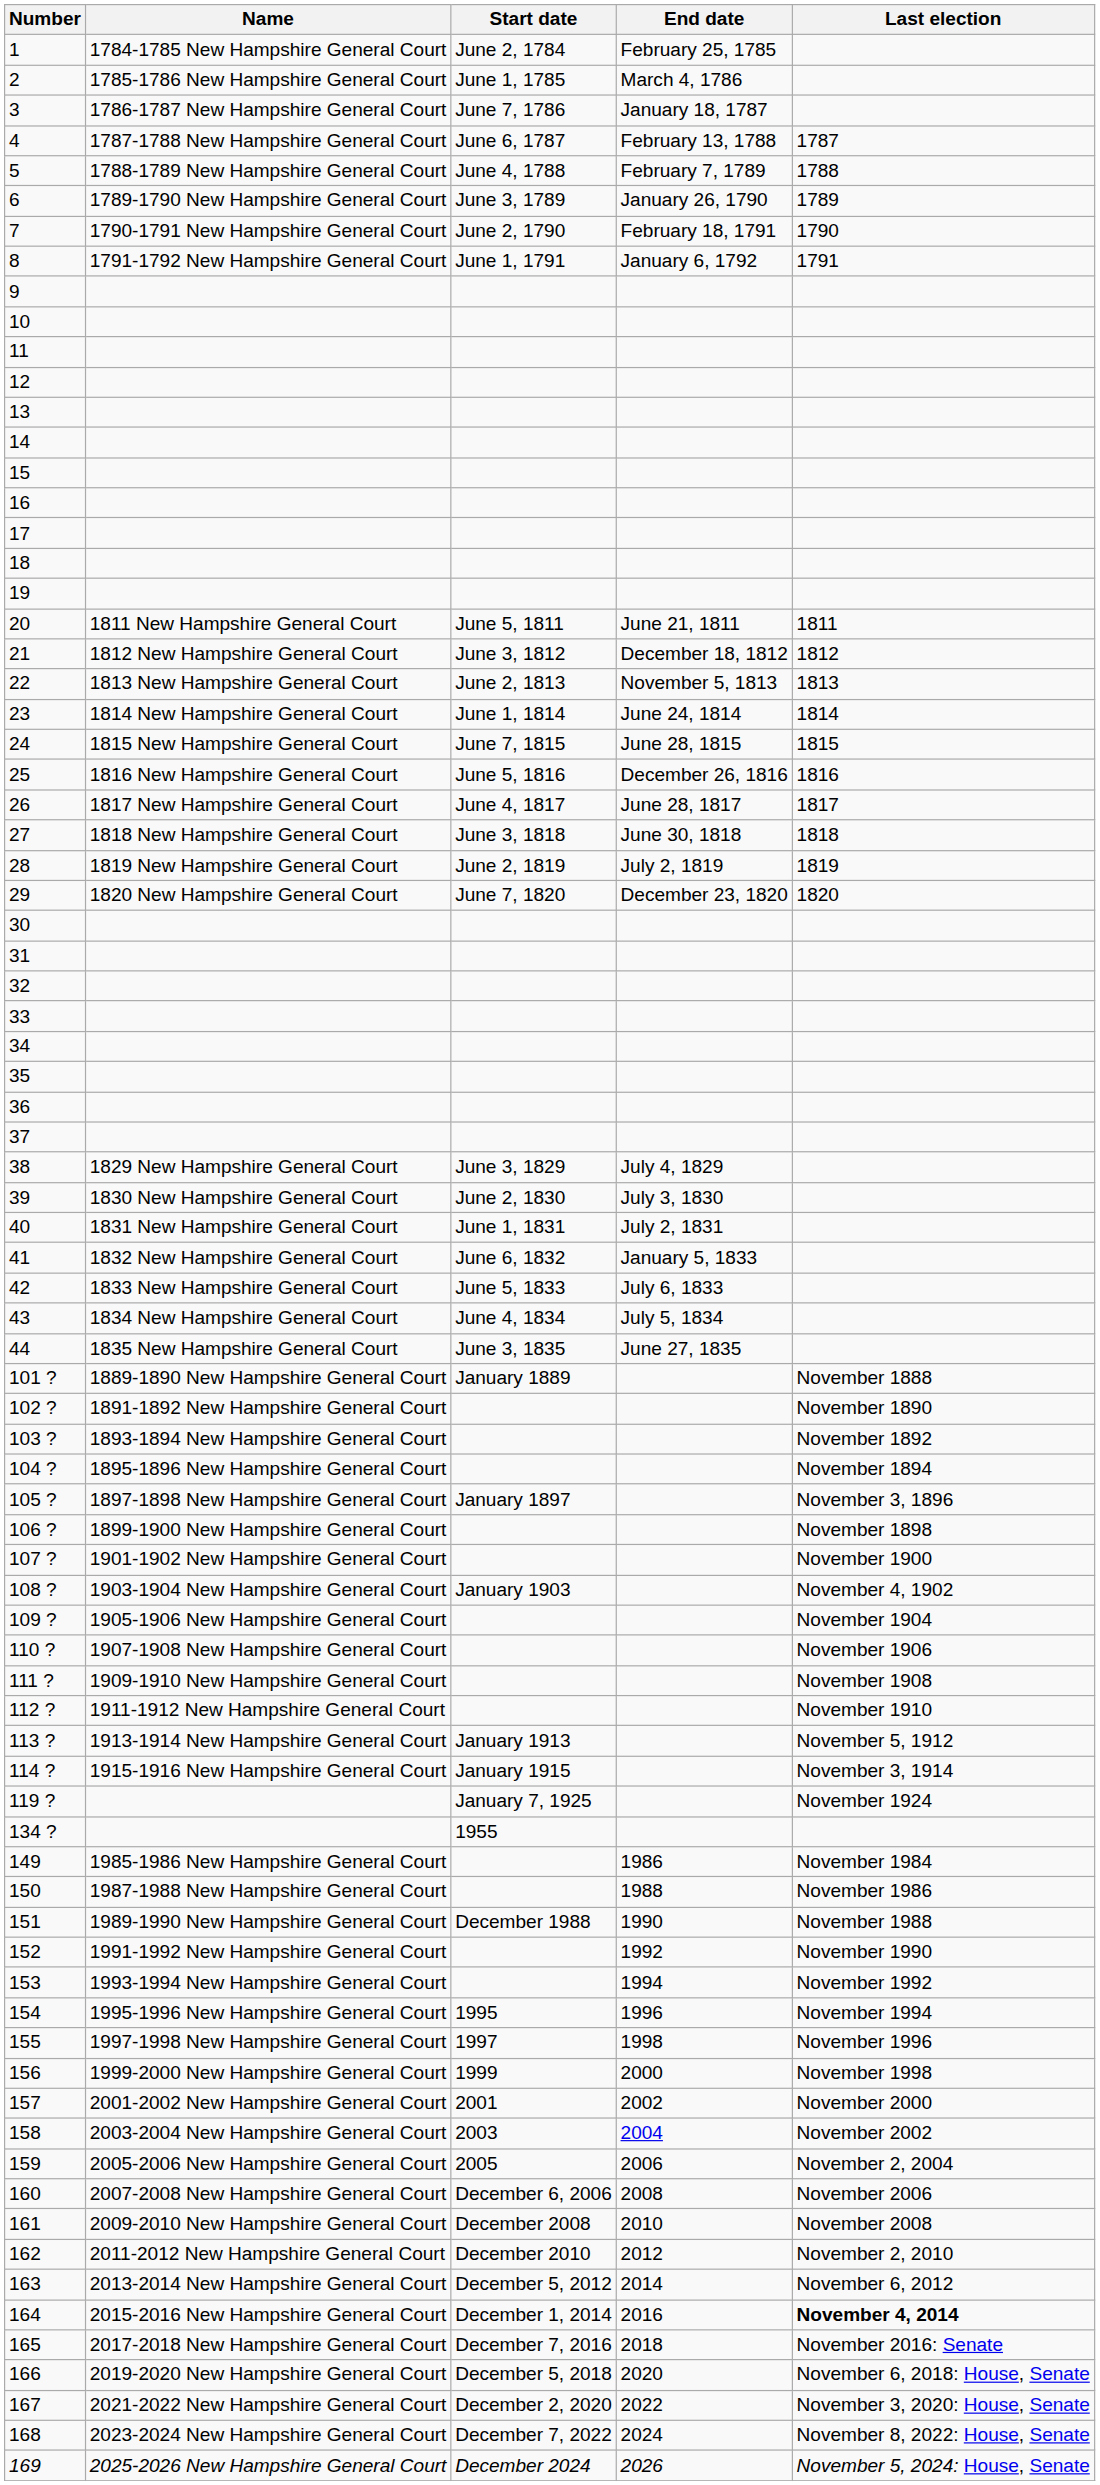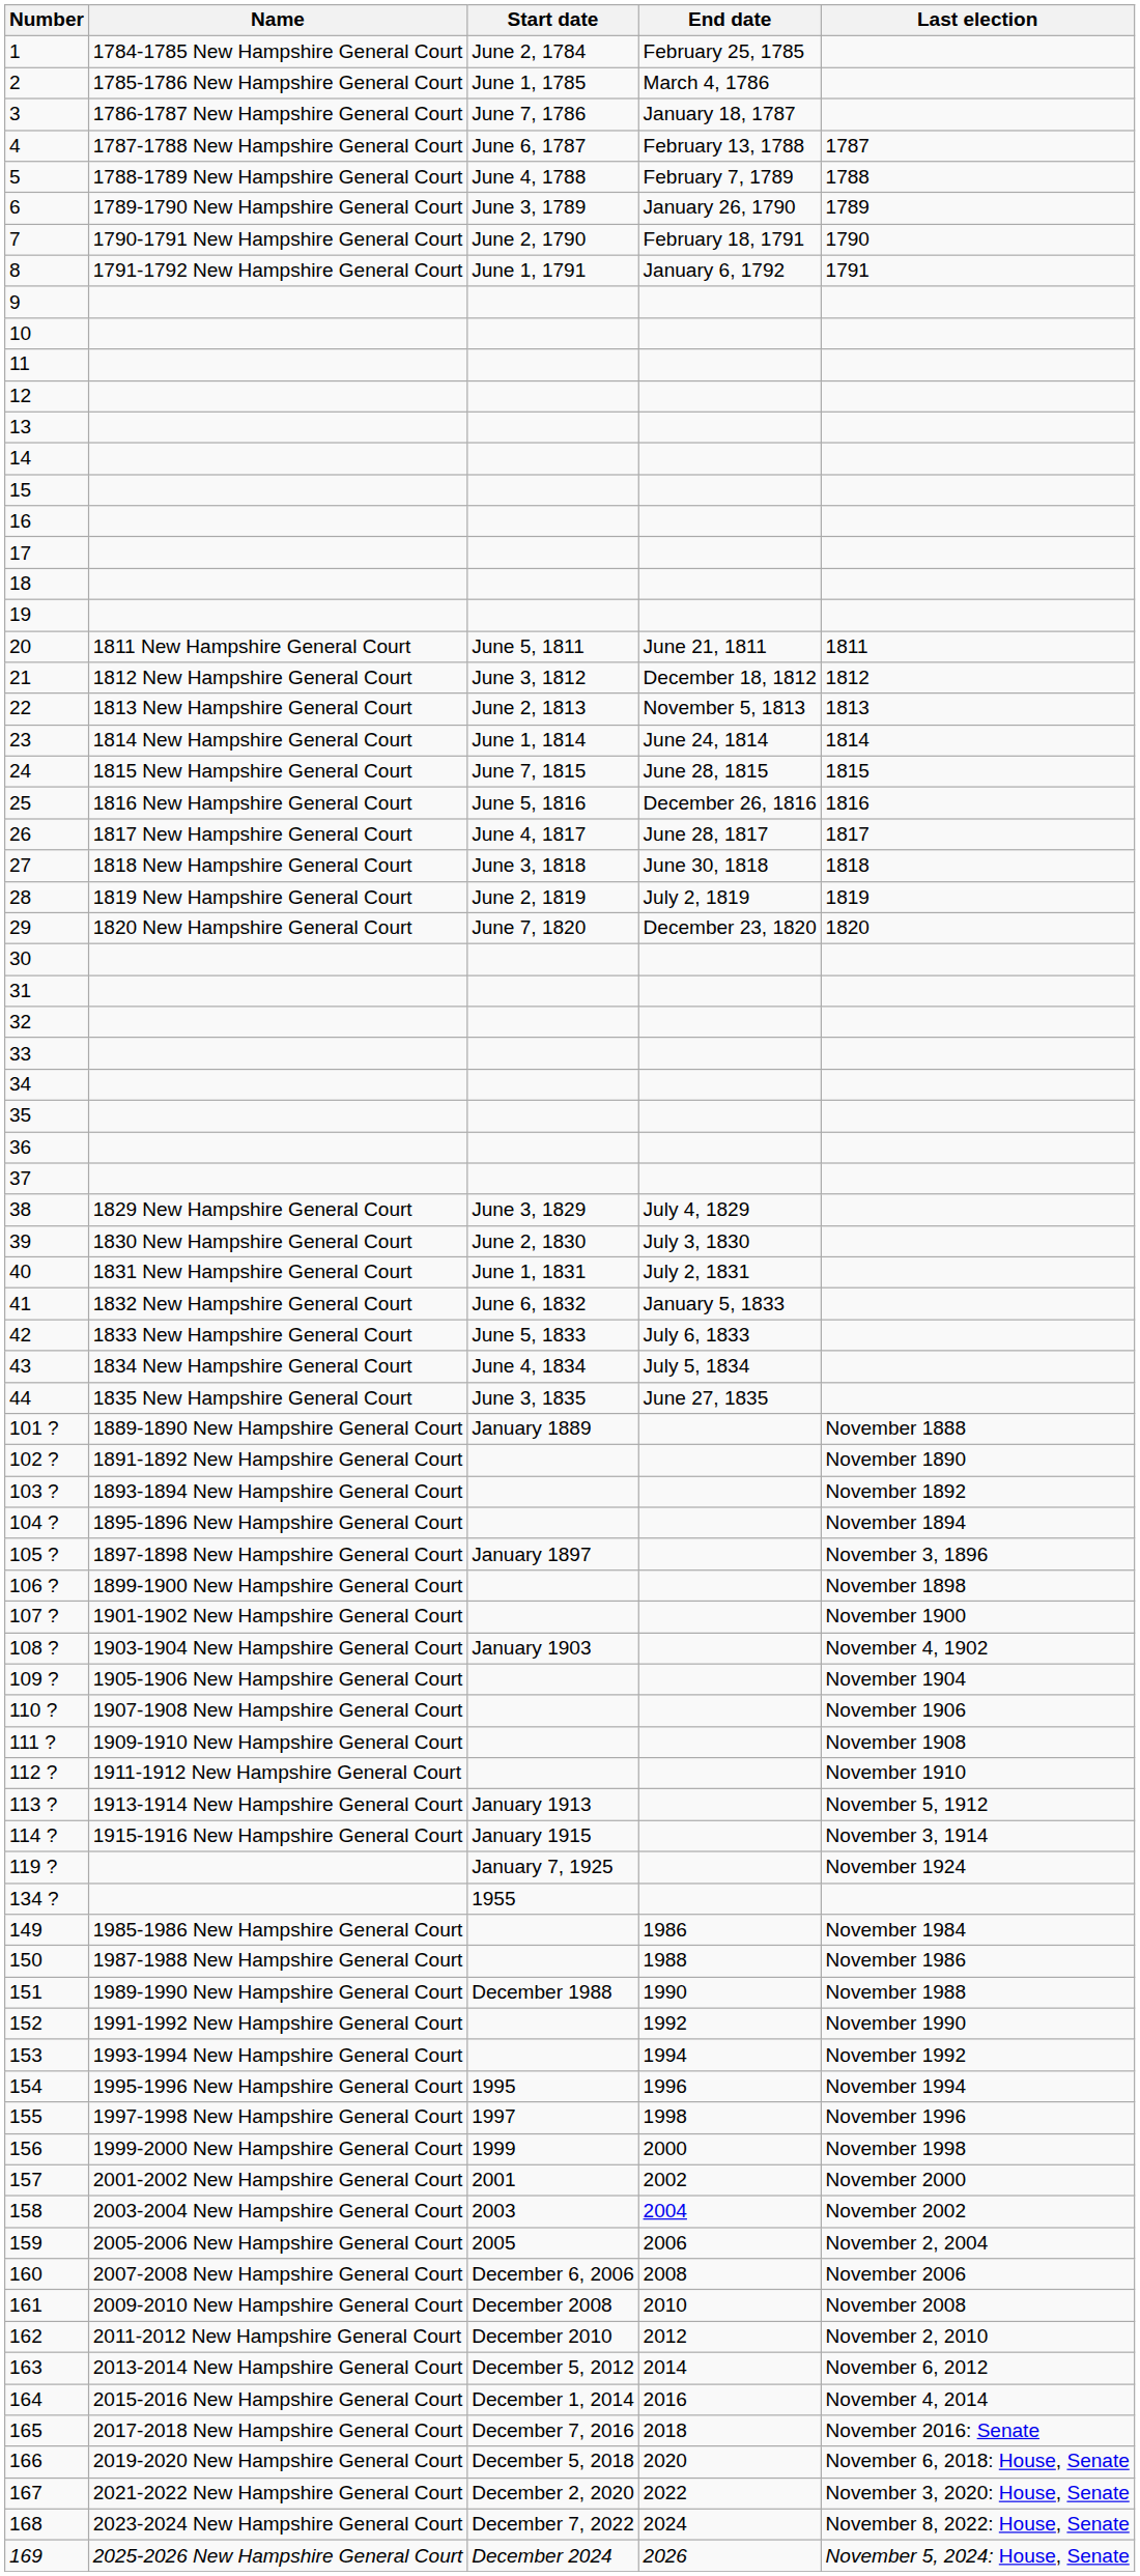 <table class="wikitable mw-datatable sticky-header">
 <tr>
 <th>Number</th>
 <th>Name</th>
 <th>Start date</th>
 <th>End date</th>
 <th>Last election</th>
 </tr>
 <tr>
 <td>1 </td>
 <td>1784-1785 New Hampshire General Court</td>
 <td>June 2, 1784</td>
 <td>February 25, 1785</td>
 <td></td>
 </tr>
 <tr>
 <td>2 </td>
 <td>1785-1786 New Hampshire General Court</td>
 <td>June 1, 1785 </td>
 <td>March 4, 1786</td>
 <td></td>
 </tr>
 <tr>
 <td>3 </td>
 <td>1786-1787 New Hampshire General Court</td>
 <td>June 7, 1786</td>
 <td>January 18, 1787</td>
 <td></td>
 </tr>
 <tr>
 <td>4 </td>
 <td>1787-1788 New Hampshire General Court</td>
 <td>June 6, 1787</td>
 <td>February 13, 1788</td>
 <td>1787 </td>
 </tr>
 <tr>
 <td>5 </td>
 <td>1788-1789 New Hampshire General Court</td>
 <td>June 4, 1788</td>
 <td>February 7, 1789</td>
 <td>1788 </td>
 </tr>
 <tr>
 <td>6 </td>
 <td>1789-1790 New Hampshire General Court</td>
 <td>June 3, 1789 </td>
 <td>January 26, 1790</td>
 <td>1789 </td>
 </tr>
 <tr>
 <td>7 </td>
 <td>1790-1791 New Hampshire General Court</td>
 <td>June 2, 1790 </td>
 <td>February 18, 1791</td>
 <td>1790 </td>
 </tr>
 <tr>
 <td>8 </td>
 <td>1791-1792 New Hampshire General Court</td>
 <td>June 1, 1791 </td>
 <td>January 6, 1792</td>
 <td>1791 </td>
 </tr>
 <tr>
 <td>9</td>
 <td></td>
 <td></td>
 <td></td>
 <td></td>
 </tr>
 <tr>
 <td>10 </td>
 <td></td>
 <td></td>
 <td></td>
 <td></td>
 </tr>
 <tr>
 <td>11 </td>
 <td></td>
 <td></td>
 <td></td>
 <td></td>
 </tr>
 <tr>
 <td>12 </td>
 <td></td>
 <td></td>
 <td></td>
 <td></td>
 </tr>
 <tr>
 <td>13 </td>
 <td></td>
 <td></td>
 <td></td>
 <td></td>
 </tr>
 <tr>
 <td>14 </td>
 <td></td>
 <td></td>
 <td></td>
 <td></td>
 </tr>
 <tr>
 <td>15 </td>
 <td></td>
 <td></td>
 <td></td>
 <td></td>
 </tr>
 <tr>
 <td>16 </td>
 <td></td>
 <td></td>
 <td></td>
 <td></td>
 </tr>
 <tr>
 <td>17 </td>
 <td></td>
 <td></td>
 <td></td>
 <td></td>
 </tr>
 <tr>
 <td>18 </td>
 <td></td>
 <td></td>
 <td></td>
 <td></td>
 </tr>
 <tr>
 <td>19 </td>
 <td></td>
 <td></td>
 <td></td>
 <td></td>
 </tr>
 <tr>
 <td>20 </td>
 <td>1811 New Hampshire General Court</td>
 <td>June 5, 1811</td>
 <td>June 21, 1811</td>
 <td>1811 </td>
 </tr>
 <tr>
 <td>21 </td>
 <td>1812 New Hampshire General Court</td>
 <td>June 3, 1812</td>
 <td>December 18, 1812</td>
 <td>1812 </td>
 </tr>
 <tr>
 <td>22 </td>
 <td>1813 New Hampshire General Court</td>
 <td>June 2, 1813</td>
 <td>November 5, 1813</td>
 <td>1813 </td>
 </tr>
 <tr>
 <td>23 </td>
 <td>1814 New Hampshire General Court</td>
 <td>June 1, 1814</td>
 <td>June 24, 1814</td>
 <td>1814 </td>
 </tr>
 <tr>
 <td>24 </td>
 <td>1815 New Hampshire General Court</td>
 <td>June 7, 1815</td>
 <td>June 28, 1815</td>
 <td>1815 </td>
 </tr>
 <tr>
 <td>25 </td>
 <td>1816 New Hampshire General Court</td>
 <td>June 5, 1816</td>
 <td>December 26, 1816</td>
 <td>1816 </td>
 </tr>
 <tr>
 <td>26 </td>
 <td>1817 New Hampshire General Court</td>
 <td>June 4, 1817</td>
 <td>June 28, 1817</td>
 <td>1817 </td>
 </tr>
 <tr>
 <td>27 </td>
 <td>1818 New Hampshire General Court</td>
 <td>June 3, 1818</td>
 <td>June 30, 1818</td>
 <td>1818 </td>
 </tr>
 <tr>
 <td>28 </td>
 <td>1819 New Hampshire General Court</td>
 <td>June 2, 1819</td>
 <td>July 2, 1819</td>
 <td>1819 </td>
 </tr>
 <tr>
 <td>29 </td>
 <td>1820 New Hampshire General Court</td>
 <td>June 7, 1820</td>
 <td>December 23, 1820</td>
 <td>1820 </td>
 </tr>
 <tr>
 <td>30 </td>
 <td></td>
 <td></td>
 <td></td>
 <td></td>
 </tr>
 <tr>
 <td>31 </td>
 <td></td>
 <td></td>
 <td></td>
 <td></td>
 </tr>
 <tr>
 <td>32 </td>
 <td></td>
 <td></td>
 <td></td>
 <td></td>
 </tr>
 <tr>
 <td>33 </td>
 <td></td>
 <td></td>
 <td></td>
 <td></td>
 </tr>
 <tr>
 <td>34 </td>
 <td></td>
 <td></td>
 <td></td>
 <td></td>
 </tr>
 <tr>
 <td>35 </td>
 <td></td>
 <td></td>
 <td></td>
 <td></td>
 </tr>
 <tr>
 <td>36 </td>
 <td></td>
 <td></td>
 <td></td>
 <td></td>
 </tr>
 <tr>
 <td>37 </td>
 <td></td>
 <td></td>
 <td></td>
 <td></td>
 </tr>
 <tr>
 <td>38 </td>
 <td>1829 New Hampshire General Court</td>
 <td>June 3, 1829 </td>
 <td>July 4, 1829</td>
 <td></td>
 </tr>
 <tr>
 <td>39 </td>
 <td>1830 New Hampshire General Court</td>
 <td>June 2, 1830 </td>
 <td>July 3, 1830</td>
 <td></td>
 </tr>
 <tr>
 <td>40 </td>
 <td>1831 New Hampshire General Court</td>
 <td>June 1, 1831 </td>
 <td>July 2, 1831</td>
 <td></td>
 </tr>
 <tr>
 <td>41 </td>
 <td>1832 New Hampshire General Court</td>
 <td>June 6, 1832 </td>
 <td>January 5, 1833</td>
 <td></td>
 </tr>
 <tr>
 <td>42 </td>
 <td>1833 New Hampshire General Court</td>
 <td>June 5, 1833 </td>
 <td>July 6, 1833</td>
 <td></td>
 </tr>
 <tr>
 <td>43 </td>
 <td>1834 New Hampshire General Court</td>
 <td>June 4, 1834 </td>
 <td>July 5, 1834</td>
 <td></td>
 </tr>
 <tr>
 <td>44 </td>
 <td>1835 New Hampshire General Court</td>
 <td>June 3, 1835 </td>
 <td>June 27, 1835</td>
 <td></td>
 </tr>
 <tr>
 <td>101 ?</td>
 <td>1889-1890 New Hampshire General Court</td>
 <td>January 1889</td>
 <td></td>
 <td>November 1888</td>
 </tr>
 <tr>
 <td>102 ?</td>
 <td>1891-1892 New Hampshire General Court</td>
 <td></td>
 <td></td>
 <td>November 1890</td>
 </tr>
 <tr>
 <td>103 ?</td>
 <td>1893-1894 New Hampshire General Court</td>
 <td></td>
 <td></td>
 <td>November 1892</td>
 </tr>
 <tr>
 <td>104 ?</td>
 <td>1895-1896 New Hampshire General Court</td>
 <td></td>
 <td></td>
 <td>November 1894</td>
 </tr>
 <tr>
 <td>105 ?</td>
 <td>1897-1898 New Hampshire General Court</td>
 <td>January 1897</td>
 <td></td>
 <td>November 3, 1896</td>
 </tr>
 <tr>
 <td>106 ?</td>
 <td>1899-1900 New Hampshire General Court</td>
 <td></td>
 <td></td>
 <td>November 1898</td>
 </tr>
 <tr>
 <td>107 ?</td>
 <td>1901-1902 New Hampshire General Court</td>
 <td></td>
 <td></td>
 <td>November 1900</td>
 </tr>
 <tr>
 <td>108 ?</td>
 <td>1903-1904 New Hampshire General Court</td>
 <td>January 1903</td>
 <td></td>
 <td>November 4, 1902</td>
 </tr>
 <tr>
 <td>109 ?</td>
 <td>1905-1906 New Hampshire General Court</td>
 <td></td>
 <td></td>
 <td>November 1904</td>
 </tr>
 <tr>
 <td>110 ?</td>
 <td>1907-1908 New Hampshire General Court</td>
 <td></td>
 <td></td>
 <td>November 1906</td>
 </tr>
 <tr>
 <td>111 ?</td>
 <td>1909-1910 New Hampshire General Court</td>
 <td></td>
 <td></td>
 <td>November 1908</td>
 </tr>
 <tr>
 <td>112 ?</td>
 <td>1911-1912 New Hampshire General Court</td>
 <td></td>
 <td></td>
 <td>November 1910</td>
 </tr>
 <tr>
 <td>113 ?</td>
 <td>1913-1914 New Hampshire General Court</td>
 <td>January 1913</td>
 <td></td>
 <td>November 5, 1912</td>
 </tr>
 <tr>
 <td>114 ?</td>
 <td>1915-1916 New Hampshire General Court</td>
 <td>January 1915</td>
 <td></td>
 <td>November 3, 1914</td>
 </tr>
 <tr>
 <td>119 ?</td>
 <td></td>
 <td>January 7, 1925</td>
 <td></td>
 <td>November 1924</td>
 </tr>
 <tr>
 <td>134 ?</td>
 <td></td>
 <td>1955 </td>
 <td></td>
 <td></td>
 </tr>
 <tr>
 <td>149 </td>
 <td>1985-1986 New Hampshire General Court</td>
 <td></td>
 <td>1986</td>
 <td>November 1984</td>
 </tr>
 <tr>
 <td>150 </td>
 <td>1987-1988 New Hampshire General Court</td>
 <td></td>
 <td>1988</td>
 <td>November 1986</td>
 </tr>
 <tr>
 <td>151</td>
 <td>1989-1990 New Hampshire General Court</td>
 <td>December 1988 </td>
 <td>1990</td>
 <td>November 1988</td>
 </tr>
 <tr>
 <td>152</td>
 <td>1991-1992 New Hampshire General Court</td>
 <td></td>
 <td>1992</td>
 <td>November 1990</td>
 </tr>
 <tr>
 <td>153</td>
 <td>1993-1994 New Hampshire General Court</td>
 <td></td>
 <td>1994</td>
 <td>November 1992</td>
 </tr>
 <tr>
 <td>154</td>
 <td>1995-1996 New Hampshire General Court</td>
 <td>1995</td>
 <td>1996</td>
 <td>November 1994</td>
 </tr>
 <tr>
 <td>155 </td>
 <td>1997-1998 New Hampshire General Court</td>
 <td>1997</td>
 <td>1998</td>
 <td>November 1996</td>
 </tr>
 <tr>
 <td>156 </td>
 <td>1999-2000 New Hampshire General Court</td>
 <td>1999</td>
 <td>2000</td>
 <td>November 1998</td>
 </tr>
 <tr>
 <td>157 </td>
 <td>2001-2002 New Hampshire General Court</td>
 <td>2001</td>
 <td>2002</td>
 <td>November 2000</td>
 </tr>
 <tr>
 <td>158 </td>
 <td>2003-2004 New Hampshire General Court</td>
 <td>2003</td>
 <td><a href='#'>2004</a></td>
 <td>November 2002</td>
 </tr>
 <tr>
 <td>159</td>
 <td>2005-2006 New Hampshire General Court</td>
 <td>2005 </td>
 <td>2006</td>
 <td>November 2, 2004 </td>
 </tr>
 <tr>
 <td>160 </td>
 <td>2007-2008 New Hampshire General Court</td>
 <td>December 6, 2006</td>
 <td>2008</td>
 <td>November 2006</td>
 </tr>
 <tr>
 <td>161 </td>
 <td>2009-2010 New Hampshire General Court</td>
 <td>December 2008</td>
 <td>2010</td>
 <td>November 2008</td>
 </tr>
 <tr>
 <td>162 </td>
 <td>2011-2012 New Hampshire General Court</td>
 <td>December 2010</td>
 <td>2012</td>
 <td>November 2, 2010</td>
 </tr>
 <tr>
 <td>163 </td>
 <td>2013-2014 New Hampshire General Court</td>
 <td>December 5, 2012</td>
 <td>2014</td>
 <td>November 6, 2012</td>
 </tr>
 <tr>
 <td>164 </td>
 <td>2015-2016 New Hampshire General Court</td>
 <td>December 1, 2014</td>
 <td>2016</td>
-<td><strong>November 4, 2014</strong></td>
+<td>November 4, 2014</td>
 </tr>
 <tr>
 <td>165 </td>
 <td>2017-2018 New Hampshire General Court</td>
 <td>December 7, 2016</td>
 <td>2018</td>
 <td>November 2016: <a href='#'>Senate</a></td>
 </tr>
 <tr>
 <td>166 </td>
 <td>2019-2020 New Hampshire General Court</td>
 <td>December 5, 2018</td>
 <td>2020 </td>
 <td>November 6, 2018: <a href='#'>House</a>, <a href='#'>Senate</a></td>
 </tr>
 <tr>
 <td>167 </td>
 <td>2021-2022 New Hampshire General Court</td>
 <td>December 2, 2020</td>
 <td>2022</td>
 <td>November 3, 2020: <a href='#'>House</a>, <a href='#'>Senate</a></td>
 </tr>
 <tr>
 <td>168 </td>
 <td>2023-2024 New Hampshire General Court</td>
 <td>December 7, 2022</td>
 <td>2024 </td>
 <td>November 8, 2022: <a href='#'>House</a>, <a href='#'>Senate</a></td>
 </tr>
 <tr>
 <td><em>169</em></td>
 <td><em>2025-2026 New Hampshire General Court</em></td>
 <td><em>December 2024</em></td>
 <td><em>2026</em></td>
 <td><em>November 5, 2024:</em> <a href='#'>House</a>, <a href='#'>Senate</a></td>
 </tr>
 <tr>
 </tr>
 </table>
